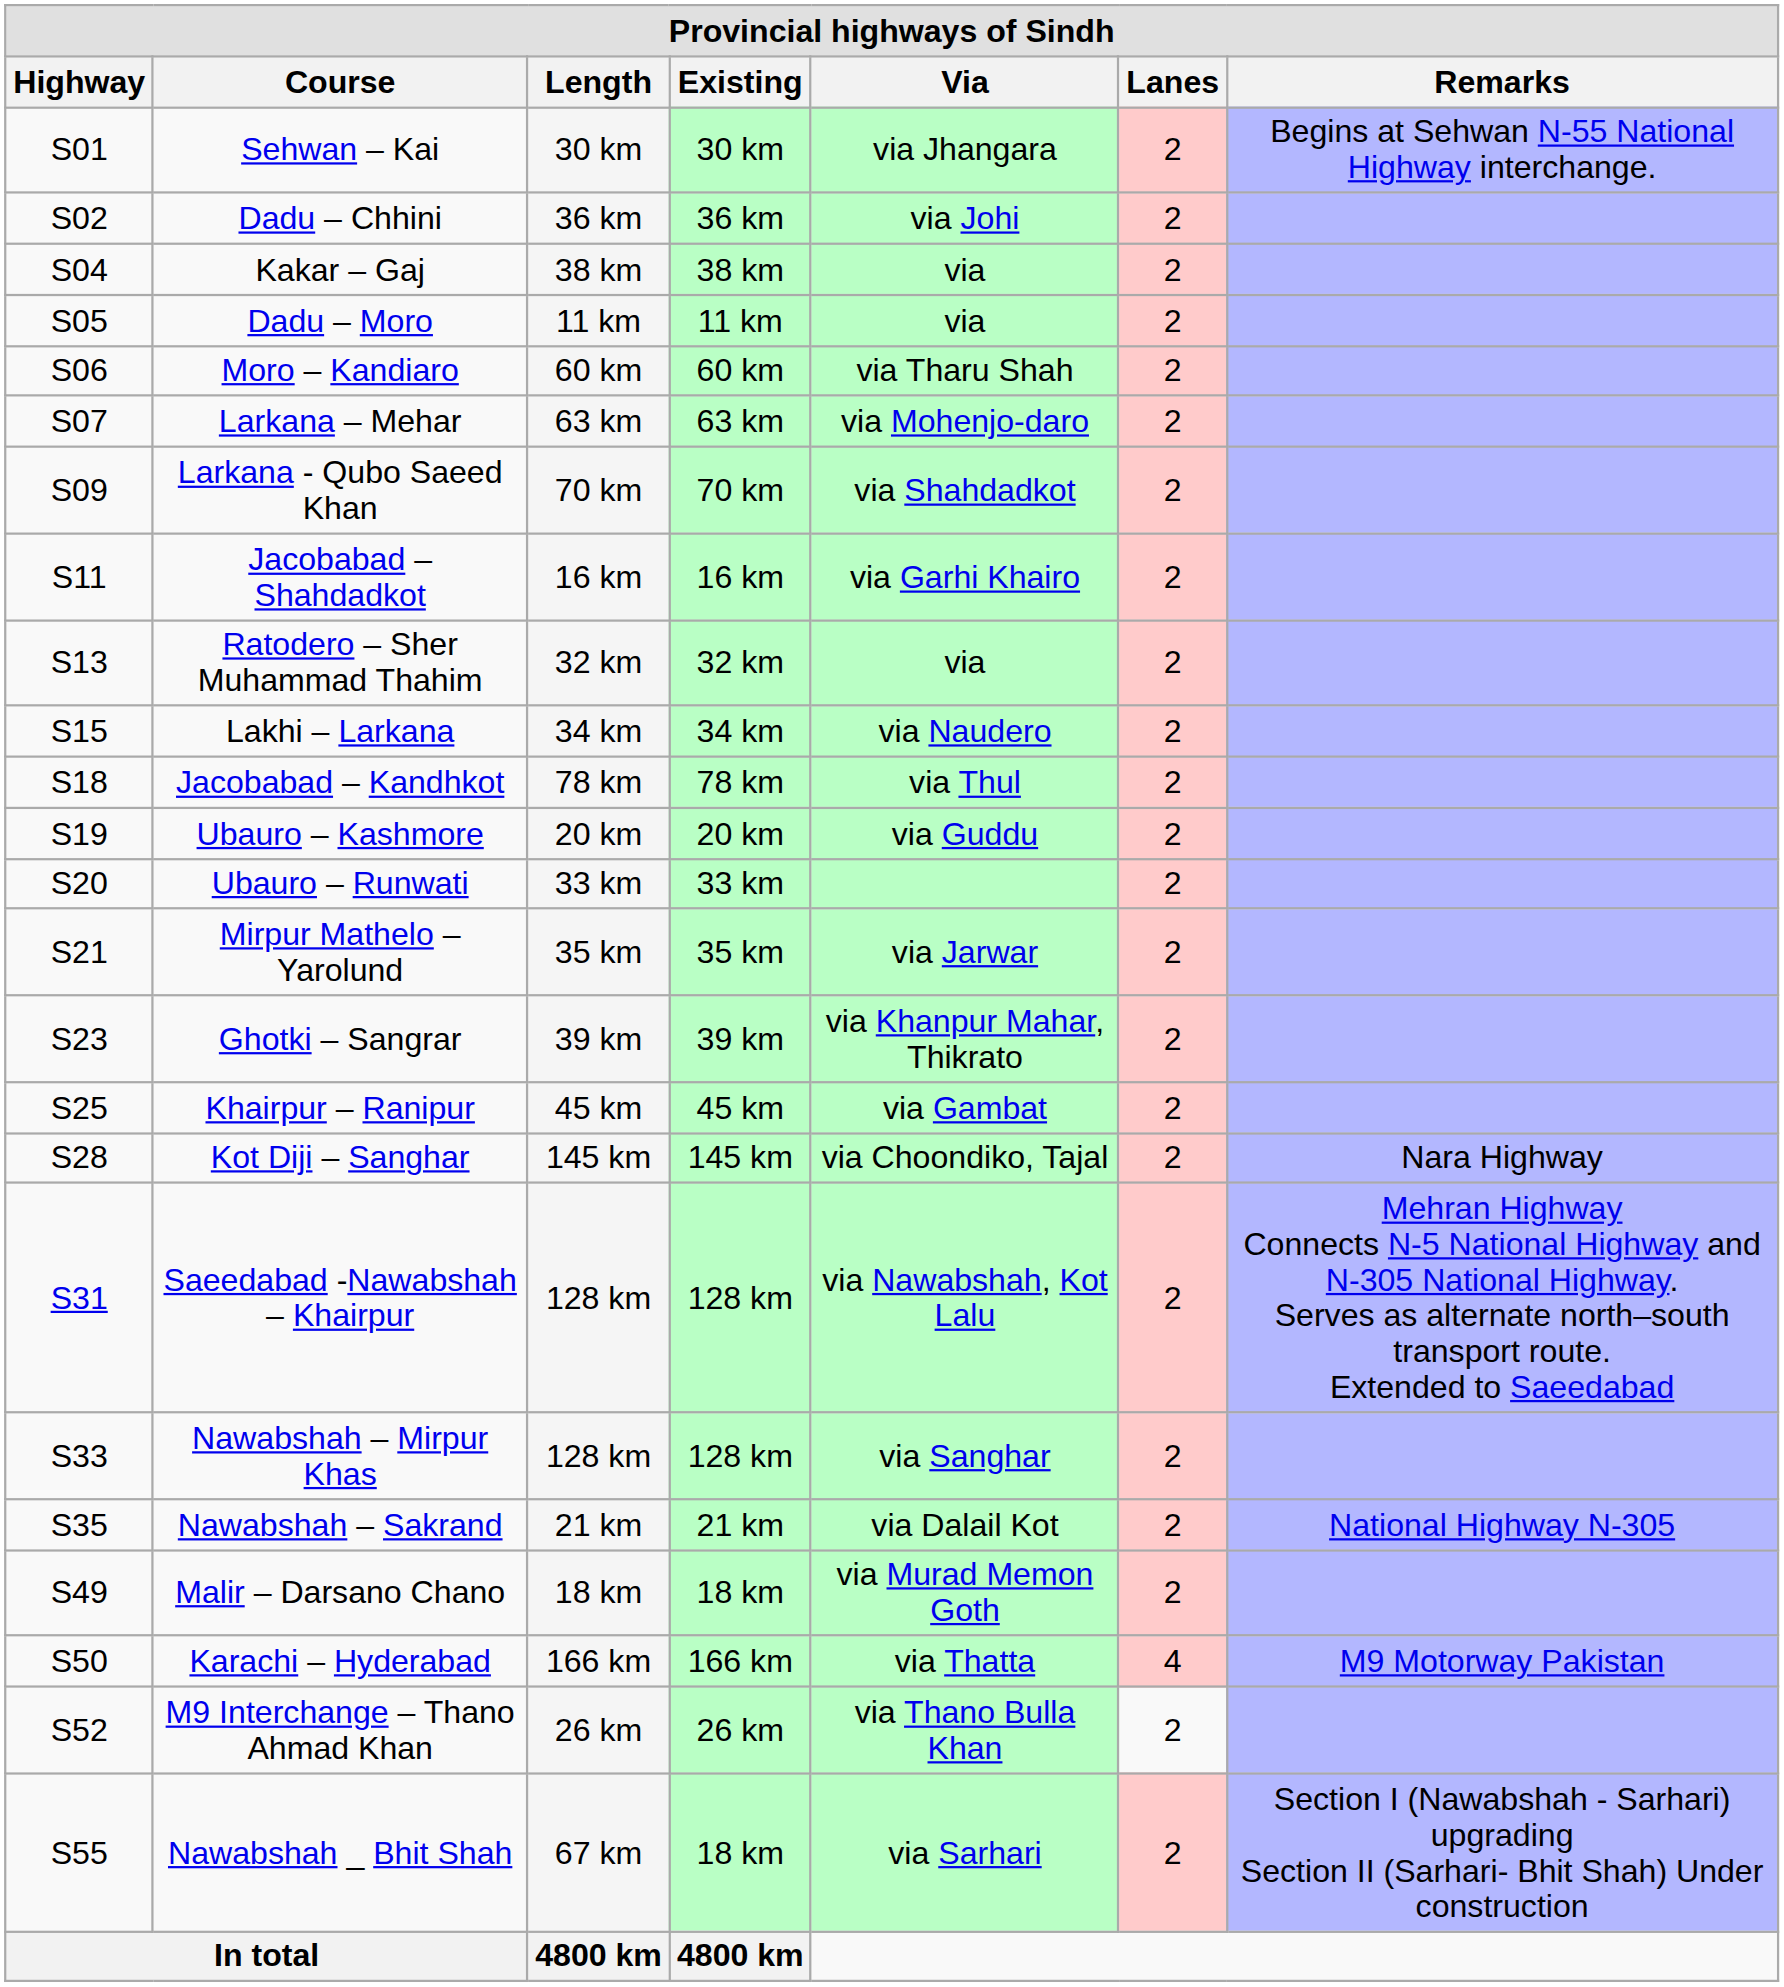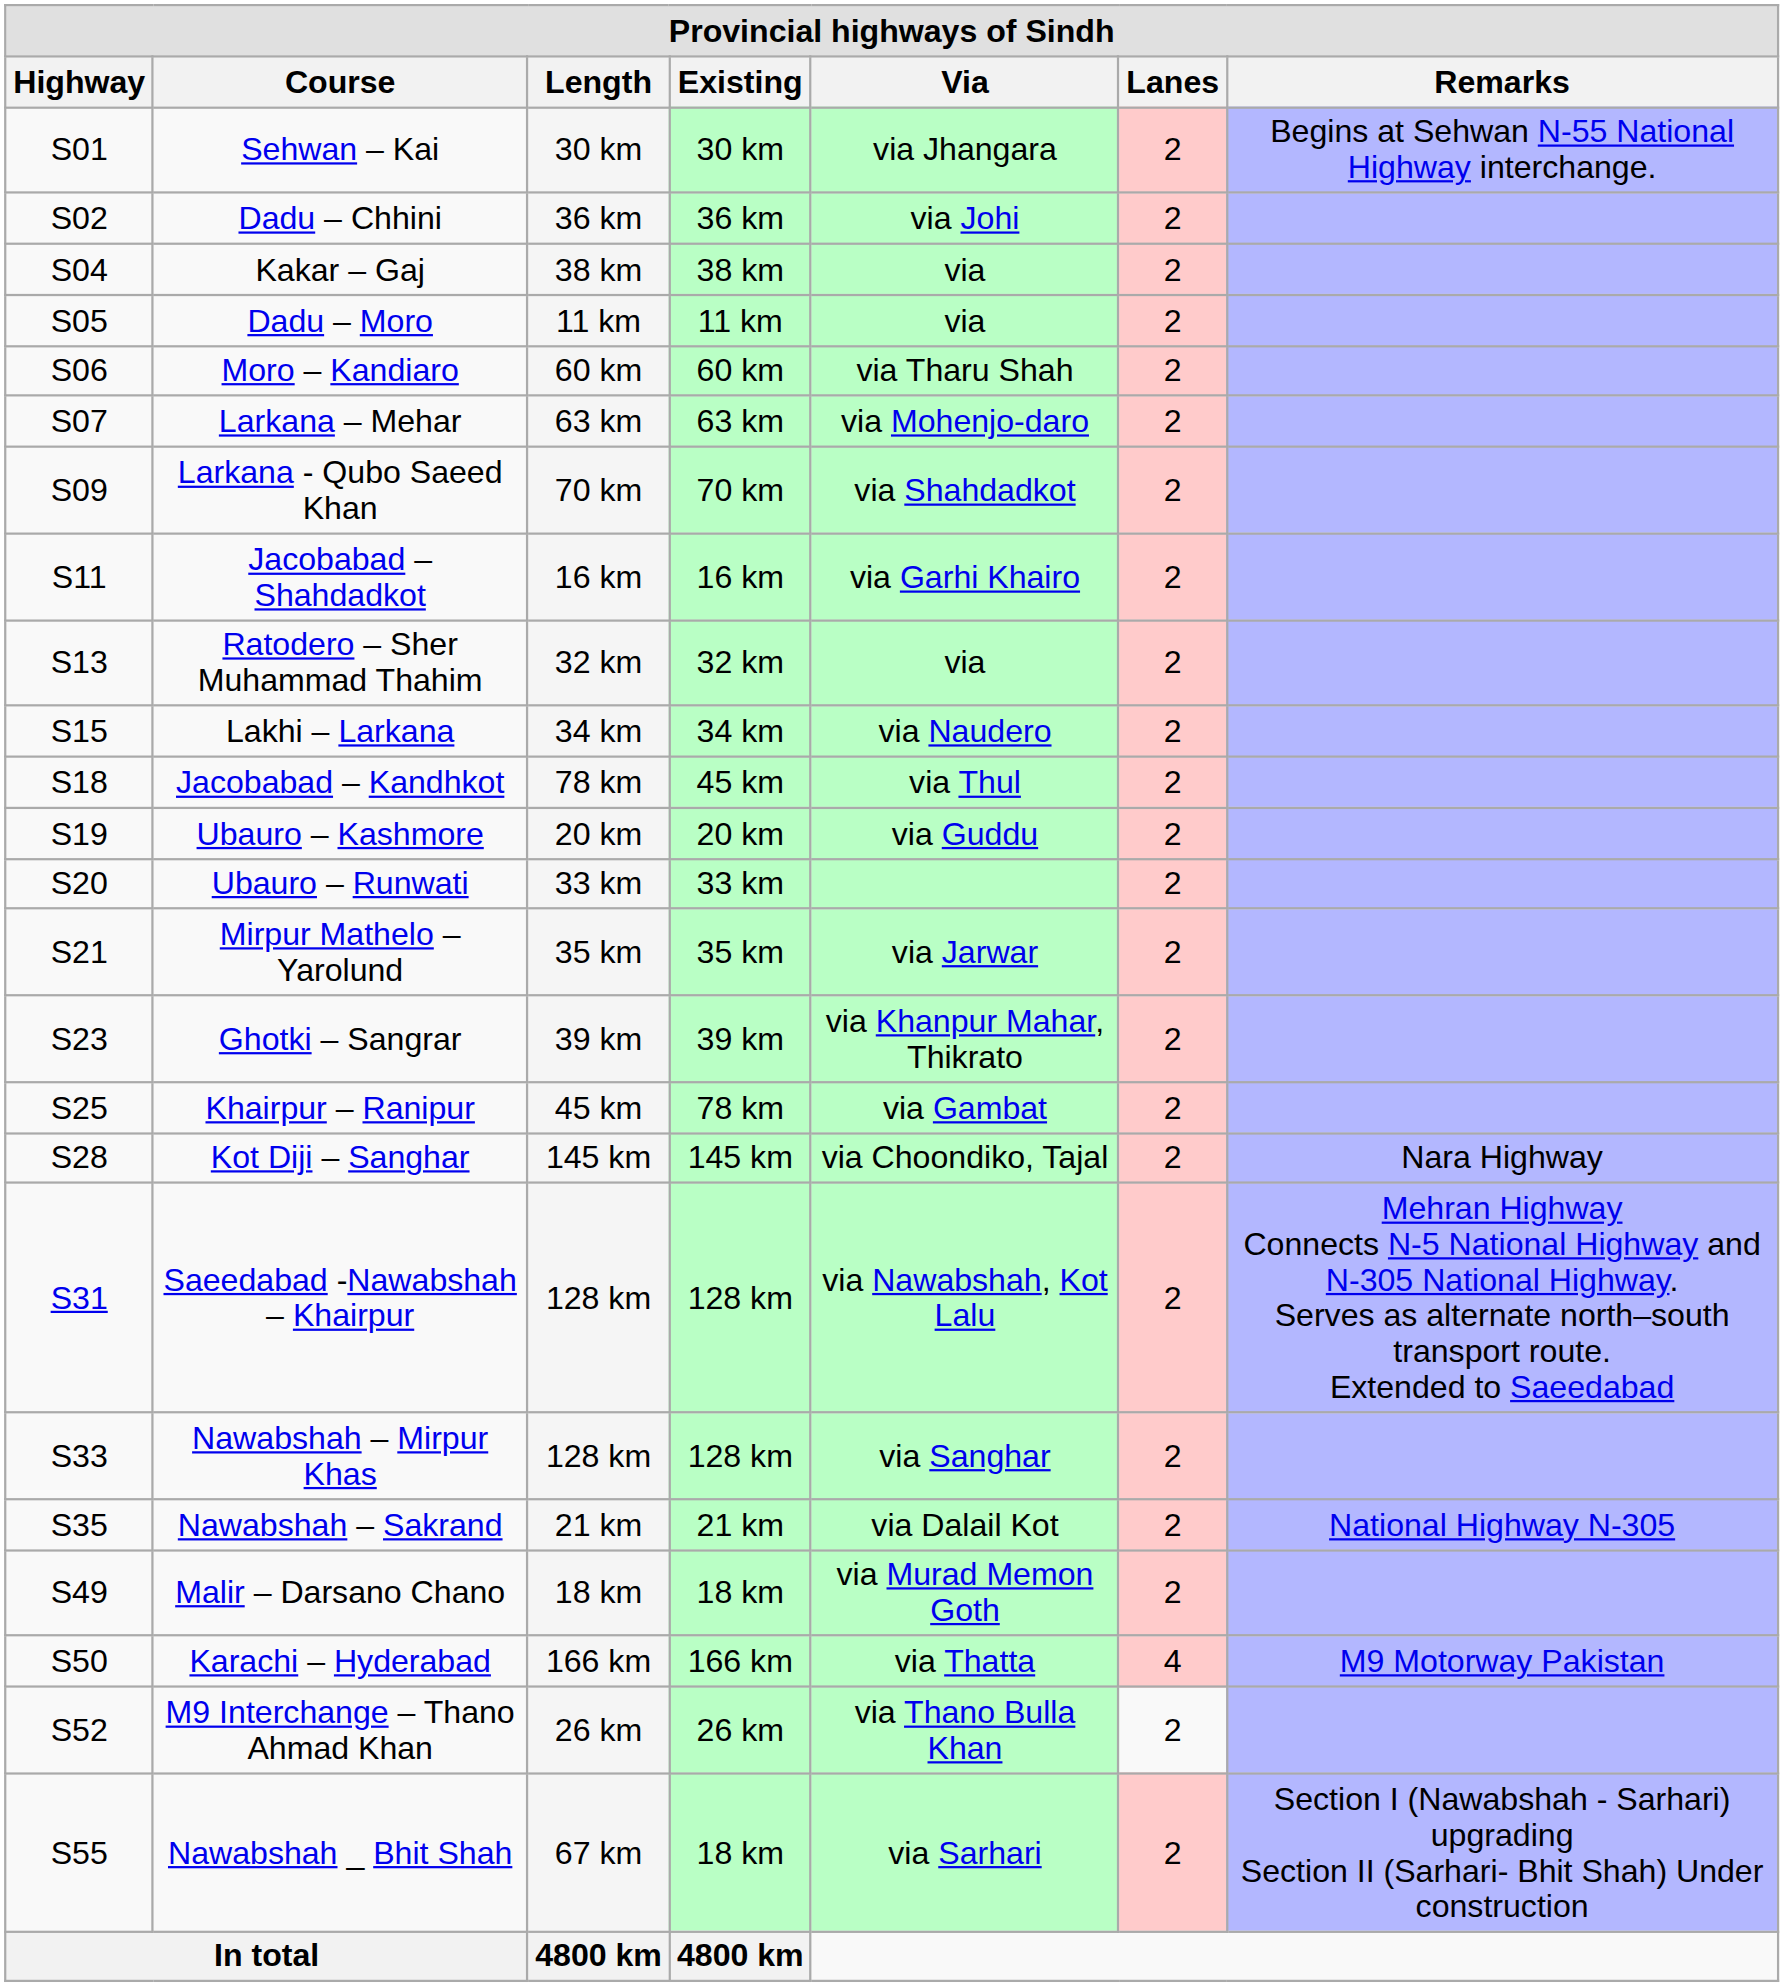 <table class="wikitable" style="margin:auto; font-size:90%; align:center; text-align:center; width:90%">
 <tr>
 <td colspan="7" bgcolor="#E0E0E0"><strong>Provincial highways of Sindh</strong></td>
 </tr>
 <tr>
 <th>Highway</th>
 <th>Course</th>
 <th>Length</th>
 <th>Existing</th>
 <th>Via</th>
 <th>Lanes</th>
 <th>Remarks</th>
 </tr>
 <tr>
 <td>S01</td>
 <td><a href='#'>Sehwan</a> – Kai</td>
 <td bgcolor="#F5F5F5">30 km</td>
 <td bgcolor="#B9FFC5">30 km</td>
 <td bgcolor="#B9FFC5">via Jhangara</td>
 <td bgcolor="#FFCBCB">2</td>
 <td bgcolor="#B3B7FF">Begins at Sehwan <a href='#'>N-55 National Highway</a> interchange.</td>
 </tr>
 <tr>
 <td>S02</td>
 <td><a href='#'>Dadu</a> – Chhini</td>
 <td bgcolor="#F5F5F5">36 km</td>
 <td bgcolor="#B9FFC5">36 km</td>
 <td bgcolor="#B9FFC5">via <a href='#'>Johi</a></td>
 <td bgcolor="#FFCBCB">2</td>
 <td bgcolor="#B3B7FF"></td>
 </tr>
 <tr>
 <td>S04</td>
 <td>Kakar – Gaj</td>
 <td bgcolor="#F5F5F5">38 km</td>
 <td bgcolor="#B9FFC5">38 km</td>
 <td bgcolor="#B9FFC5">via</td>
 <td bgcolor="#FFCBCB">2</td>
 <td bgcolor="#B3B7FF"></td>
 </tr>
 <tr>
 <td>S05</td>
 <td><a href='#'>Dadu</a> – <a href='#'>Moro</a></td>
 <td bgcolor="#F5F5F5">11 km</td>
 <td bgcolor="#B9FFC5">11 km</td>
 <td bgcolor="#B9FFC5">via</td>
 <td bgcolor="#FFCBCB">2</td>
 <td bgcolor="#B3B7FF"></td>
 </tr>
 <tr>
 <td>S06</td>
 <td><a href='#'>Moro</a> – <a href='#'>Kandiaro</a></td>
 <td bgcolor="#F5F5F5">60 km</td>
 <td bgcolor="#B9FFC5">60 km</td>
 <td bgcolor="#B9FFC5">via Tharu Shah</td>
 <td bgcolor="#FFCBCB">2</td>
 <td bgcolor="#B3B7FF"></td>
 </tr>
 <tr>
 <td>S07</td>
 <td><a href='#'>Larkana</a> – Mehar</td>
 <td bgcolor="#F5F5F5">63 km</td>
 <td bgcolor="#B9FFC5">63 km</td>
 <td bgcolor="#B9FFC5">via <a href='#'>Mohenjo-daro</a></td>
 <td bgcolor="#FFCBCB">2</td>
 <td bgcolor="#B3B7FF"></td>
 </tr>
 <tr>
 <td>S09</td>
 <td><a href='#'>Larkana</a> - Qubo Saeed Khan</td>
 <td bgcolor="#F5F5F5">70 km</td>
 <td bgcolor="#B9FFC5">70 km</td>
 <td bgcolor="#B9FFC5">via <a href='#'>Shahdadkot</a></td>
 <td bgcolor="#FFCBCB">2</td>
 <td bgcolor="#B3B7FF"></td>
 </tr>
 <tr>
 <td>S11</td>
 <td><a href='#'>Jacobabad</a> – <a href='#'>Shahdadkot</a></td>
 <td bgcolor="#F5F5F5">16 km</td>
 <td bgcolor="#B9FFC5">16 km</td>
 <td bgcolor="#B9FFC5">via <a href='#'>Garhi Khairo</a></td>
 <td bgcolor="#FFCBCB">2</td>
 <td bgcolor="#B3B7FF"></td>
 </tr>
 <tr>
 <td>S13</td>
 <td><a href='#'>Ratodero</a> – Sher Muhammad Thahim</td>
 <td bgcolor="#F5F5F5">32 km</td>
 <td bgcolor="#B9FFC5">32 km</td>
 <td bgcolor="#B9FFC5">via</td>
 <td bgcolor="#FFCBCB">2</td>
 <td bgcolor="#B3B7FF"></td>
 </tr>
 <tr>
 <td>S15</td>
 <td>Lakhi – <a href='#'>Larkana</a></td>
 <td bgcolor="#F5F5F5">34 km</td>
 <td bgcolor="#B9FFC5">34 km</td>
 <td bgcolor="#B9FFC5">via <a href='#'>Naudero</a></td>
 <td bgcolor="#FFCBCB">2</td>
 <td bgcolor="#B3B7FF"></td>
 </tr>
 <tr>
 <td>S18</td>
 <td><a href='#'>Jacobabad</a> – <a href='#'>Kandhkot</a></td>
 <td bgcolor="#F5F5F5">78 km</td>
-<td bgcolor="#B9FFC5">78 km</td>
+<td bgcolor="#B9FFC5">45 km</td>
 <td bgcolor="#B9FFC5">via <a href='#'>Thul</a></td>
 <td bgcolor="#FFCBCB">2</td>
 <td bgcolor="#B3B7FF"></td>
 </tr>
 <tr>
 <td>S19</td>
 <td><a href='#'>Ubauro</a> – <a href='#'>Kashmore</a></td>
 <td bgcolor="#F5F5F5">20 km</td>
 <td bgcolor="#B9FFC5">20 km</td>
 <td bgcolor="#B9FFC5">via <a href='#'>Guddu</a></td>
 <td bgcolor="#FFCBCB">2</td>
 <td bgcolor="#B3B7FF"></td>
 </tr>
 <tr>
 <td>S20</td>
 <td><a href='#'>Ubauro</a> – <a href='#'>Runwati</a></td>
 <td bgcolor="#F5F5F5">33 km</td>
 <td bgcolor="#B9FFC5">33 km</td>
 <td bgcolor="#B9FFC5"></td>
 <td bgcolor="#FFCBCB">2</td>
 <td bgcolor="#B3B7FF"></td>
 </tr>
 <tr>
 <td>S21</td>
 <td><a href='#'>Mirpur Mathelo</a> – Yarolund</td>
 <td bgcolor="#F5F5F5">35 km</td>
 <td bgcolor="#B9FFC5">35 km</td>
 <td bgcolor="#B9FFC5">via <a href='#'>Jarwar</a></td>
 <td bgcolor="#FFCBCB">2</td>
 <td bgcolor="#B3B7FF"></td>
 </tr>
 <tr>
 <td>S23</td>
 <td><a href='#'>Ghotki</a> – Sangrar</td>
 <td bgcolor="#F5F5F5">39 km</td>
 <td bgcolor="#B9FFC5">39 km</td>
 <td bgcolor="#B9FFC5">via <a href='#'>Khanpur Mahar</a>, Thikrato</td>
 <td bgcolor="#FFCBCB">2</td>
 <td bgcolor="#B3B7FF"></td>
 </tr>
 <tr>
 <td>S25</td>
 <td><a href='#'>Khairpur</a> – <a href='#'>Ranipur</a></td>
 <td bgcolor="#F5F5F5">45 km</td>
-<td bgcolor="#B9FFC5">45 km</td>
+<td bgcolor="#B9FFC5">78 km</td>
 <td bgcolor="#B9FFC5">via <a href='#'>Gambat</a></td>
 <td bgcolor="#FFCBCB">2</td>
 <td bgcolor="#B3B7FF"></td>
 </tr>
 <tr>
 <td>S28</td>
 <td><a href='#'>Kot Diji</a> – <a href='#'>Sanghar</a></td>
 <td bgcolor="#F5F5F5">145 km</td>
 <td bgcolor="#B9FFC5">145 km</td>
 <td bgcolor="#B9FFC5">via Choondiko, Tajal</td>
 <td bgcolor="#FFCBCB">2</td>
 <td bgcolor="#B3B7FF">Nara Highway</td>
 </tr>
 <tr>
 <td><a href='#'>S31</a></td>
 <td><a href='#'>Saeedabad</a> -<a href='#'>Nawabshah</a> – <a href='#'>Khairpur</a></td>
 <td bgcolor="#F5F5F5">128 km</td>
 <td bgcolor="#B9FFC5">128 km</td>
 <td bgcolor="#B9FFC5">via <a href='#'>Nawabshah</a>, <a href='#'>Kot Lalu</a></td>
 <td bgcolor="#FFCBCB">2</td>
 <td bgcolor="#B3B7FF"><a href='#'>Mehran Highway</a><br>Connects <a href='#'>N-5 National Highway</a> and <a href='#'>N-305 National Highway</a>.<br>Serves as alternate north–south transport route.<br>Extended to <a href='#'>Saeedabad</a></td>
 </tr>
 <tr>
 <td>S33</td>
 <td><a href='#'>Nawabshah</a> – <a href='#'>Mirpur Khas</a></td>
 <td bgcolor="#F5F5F5">128 km</td>
 <td bgcolor="#B9FFC5">128 km</td>
 <td bgcolor="#B9FFC5">via <a href='#'>Sanghar</a></td>
 <td bgcolor="#FFCBCB">2</td>
 <td bgcolor="#B3B7FF"></td>
 </tr>
 <tr>
 <td>S35</td>
 <td><a href='#'>Nawabshah</a> – <a href='#'>Sakrand</a></td>
 <td bgcolor="#F5F5F5">21 km</td>
 <td bgcolor="#B9FFC5">21 km</td>
 <td bgcolor="#B9FFC5">via Dalail Kot</td>
 <td bgcolor="#FFCBCB">2</td>
 <td bgcolor="#B3B7FF"><a href='#'>National Highway N-305</a></td>
 </tr>
 <tr>
 <td>S49</td>
 <td><a href='#'>Malir</a> – Darsano Chano</td>
 <td bgcolor="#F5F5F5">18 km</td>
 <td bgcolor="#B9FFC5">18 km</td>
 <td bgcolor="#B9FFC5">via <a href='#'>Murad Memon Goth</a></td>
 <td bgcolor="#FFCBCB">2</td>
 <td bgcolor="#B3B7FF"></td>
 </tr>
 <tr>
 <td>S50</td>
 <td><a href='#'>Karachi</a> – <a href='#'>Hyderabad</a></td>
 <td bgcolor="#F5F5F5">166 km</td>
 <td bgcolor="#B9FFC5">166 km</td>
 <td bgcolor="#B9FFC5">via <a href='#'>Thatta</a></td>
 <td bgcolor="#FFCBCB">4</td>
 <td bgcolor="#B3B7FF"><a href='#'>M9 Motorway Pakistan</a></td>
 </tr>
 <tr>
 <td>S52</td>
 <td><a href='#'>M9 Interchange</a> – Thano Ahmad Khan</td>
 <td bgcolor="#F5F5F5">26 km</td>
 <td bgcolor="#B9FFC5">26 km</td>
 <td bgcolor="#B9FFC5">via <a href='#'>Thano Bulla Khan</a></td>
 <td>2</td>
 <td bgcolor="#B3B7FF"></td>
 </tr>
 <tr>
 <td>S55</td>
 <td><a href='#'>Nawabshah</a> _ <a href='#'>Bhit Shah</a></td>
 <td bgcolor="#F5F5F5">67 km</td>
 <td bgcolor="#B9FFC5">18 km</td>
 <td bgcolor="#B9FFC5">via <a href='#'>Sarhari</a></td>
 <td bgcolor="#FFCBCB">2</td>
 <td bgcolor="#B3B7FF">Section I (Nawabshah - Sarhari) upgrading<br>Section II (Sarhari- Bhit Shah) Under construction</td>
 </tr>
 <tr>
 <th colspan="2">In total</th>
 <th><strong>4800 km</strong></th>
 <th><strong>4800 km</strong></th>
 <td colspan="3"></td>
 </tr>
 </table>
